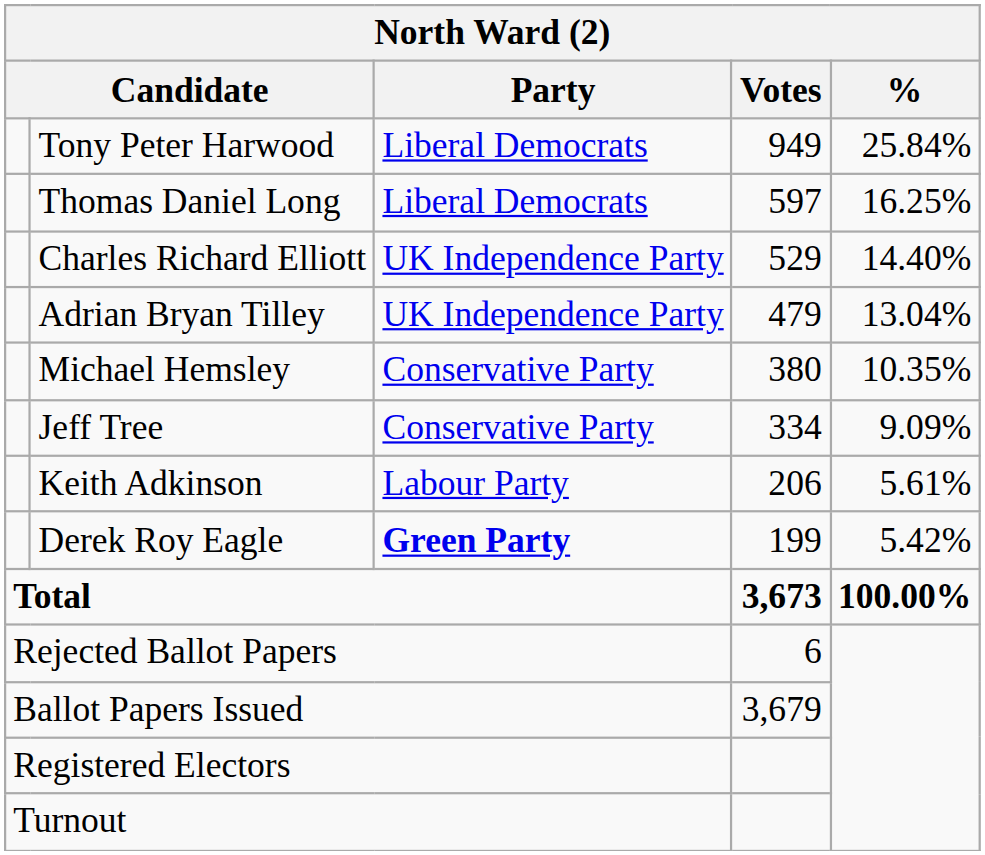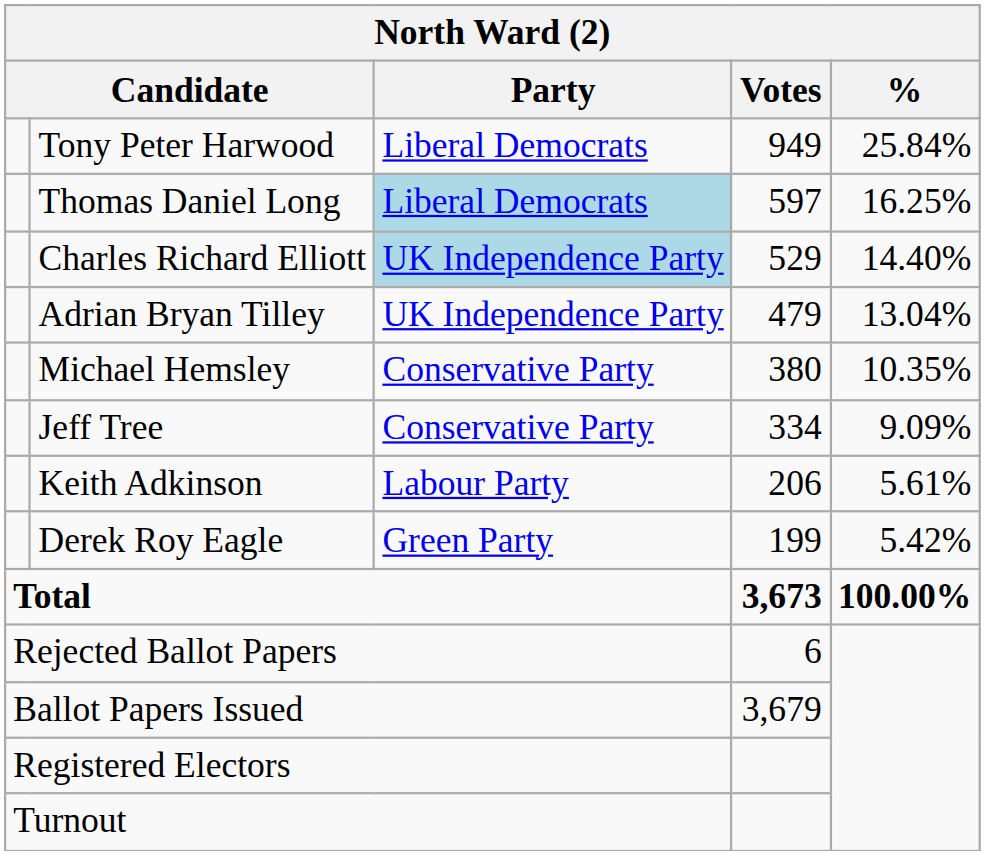 <table class="wikitable" border="1" style="text-align:right; font-size:100%">
 <tr>
 <th align=center colspan=5>North Ward (2)</th>
 </tr>
 <tr>
 <th align=left colspan=2>Candidate</th>
 <th align=left>Party</th>
 <th align=center>Votes</th>
 <th align=center>%</th>
 </tr>
 <tr>
 <td bgcolor=> </td>
 <td align=left>Tony Peter Harwood</td>
 <td align=left><a href='#'>Liberal Democrats</a></td>
 <td>949</td>
 <td>25.84%</td>
 </tr>
 <tr>
 <td bgcolor=> </td>
 <td align=left>Thomas Daniel Long</td>
-<td align=left><a href='#'>Liberal Democrats</a></td>
+<td align=left style="background: lightblue;"><a href='#'>Liberal Democrats</a></td>
 <td>597</td>
 <td>16.25%</td>
 </tr>
 <tr>
 <td bgcolor=> </td>
 <td align=left>Charles Richard Elliott</td>
-<td align=left><a href='#'>UK Independence Party</a></td>
+<td align=left style="background: lightblue;"><a href='#'>UK Independence Party</a></td>
 <td>529</td>
 <td>14.40%</td>
 </tr>
 <tr>
 <td bgcolor=> </td>
 <td align=left>Adrian Bryan Tilley</td>
 <td align=left><a href='#'>UK Independence Party</a></td>
 <td>479</td>
 <td>13.04%</td>
 </tr>
 <tr>
 <td bgcolor=> </td>
 <td align=left>Michael Hemsley</td>
 <td align=left><a href='#'>Conservative Party</a></td>
 <td>380</td>
 <td>10.35%</td>
 </tr>
 <tr>
 <td bgcolor=> </td>
 <td align=left>Jeff Tree</td>
 <td align=left><a href='#'>Conservative Party</a></td>
 <td>334</td>
 <td>9.09%</td>
 </tr>
 <tr>
 <td bgcolor=> </td>
 <td align=left>Keith Adkinson</td>
 <td align=left><a href='#'>Labour Party</a></td>
 <td>206</td>
 <td>5.61%</td>
 </tr>
 <tr>
 <td bgcolor=> </td>
 <td align=left>Derek Roy Eagle</td>
-<td align=left><strong><a href='#'>Green Party</a></strong></td>
+<td align=left><a href='#'>Green Party</a></td>
 <td>199</td>
 <td>5.42%</td>
 </tr>
 <tr>
 <td align=left colspan=3><strong>Total</strong></td>
 <td><strong>3,673</strong></td>
 <td><strong>100.00%</strong></td>
 </tr>
 <tr>
 <td align=left colspan=3>Rejected Ballot Papers</td>
 <td>6</td>
 <td rowspan=4></td>
 </tr>
 <tr>
 <td align=left colspan=3>Ballot Papers Issued</td>
 <td>3,679</td>
 </tr>
 <tr>
 <td align=left colspan=3>Registered Electors</td>
 <td></td>
 </tr>
 <tr>
 <td align=left colspan=3>Turnout</td>
 <td></td>
 </tr>
 </table>
